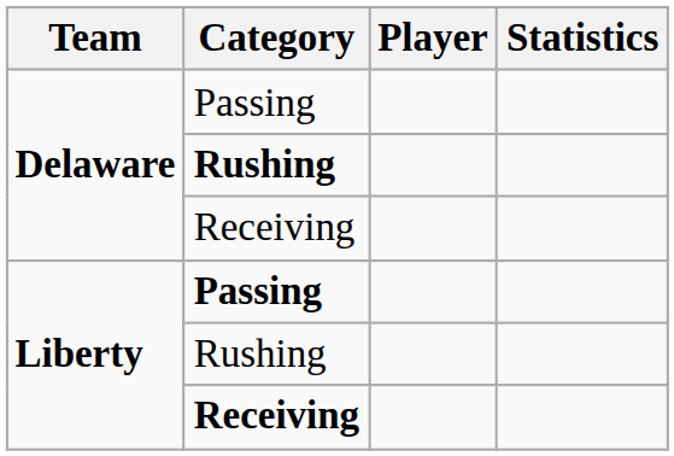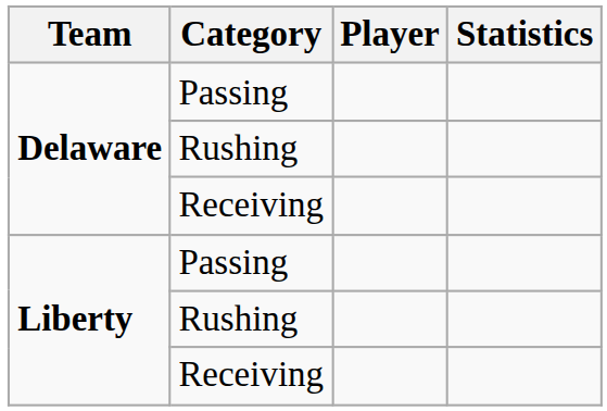 <table class="wikitable" style="float: right;">
 <tr>
 <th>Team</th>
 <th>Category</th>
 <th>Player</th>
 <th>Statistics</th>
 </tr>
 <tr>
 <td rowspan=3><strong>Delaware</strong></td>
 <td>Passing</td>
 <td></td>
 <td></td>
 </tr>
 <tr>
-<td><strong>Rushing</strong></td>
+<td>Rushing</td>
 <td></td>
 <td></td>
 </tr>
 <tr>
 <td>Receiving</td>
 <td></td>
 <td></td>
 </tr>
 <tr>
 <td rowspan=3><strong>Liberty</strong></td>
-<td><strong>Passing</strong></td>
+<td>Passing</td>
 <td></td>
 <td></td>
 </tr>
 <tr>
 <td>Rushing</td>
 <td></td>
 <td></td>
 </tr>
 <tr>
-<td><strong>Receiving</strong></td>
+<td>Receiving</td>
 <td></td>
 <td></td>
 </tr>
 </table>
